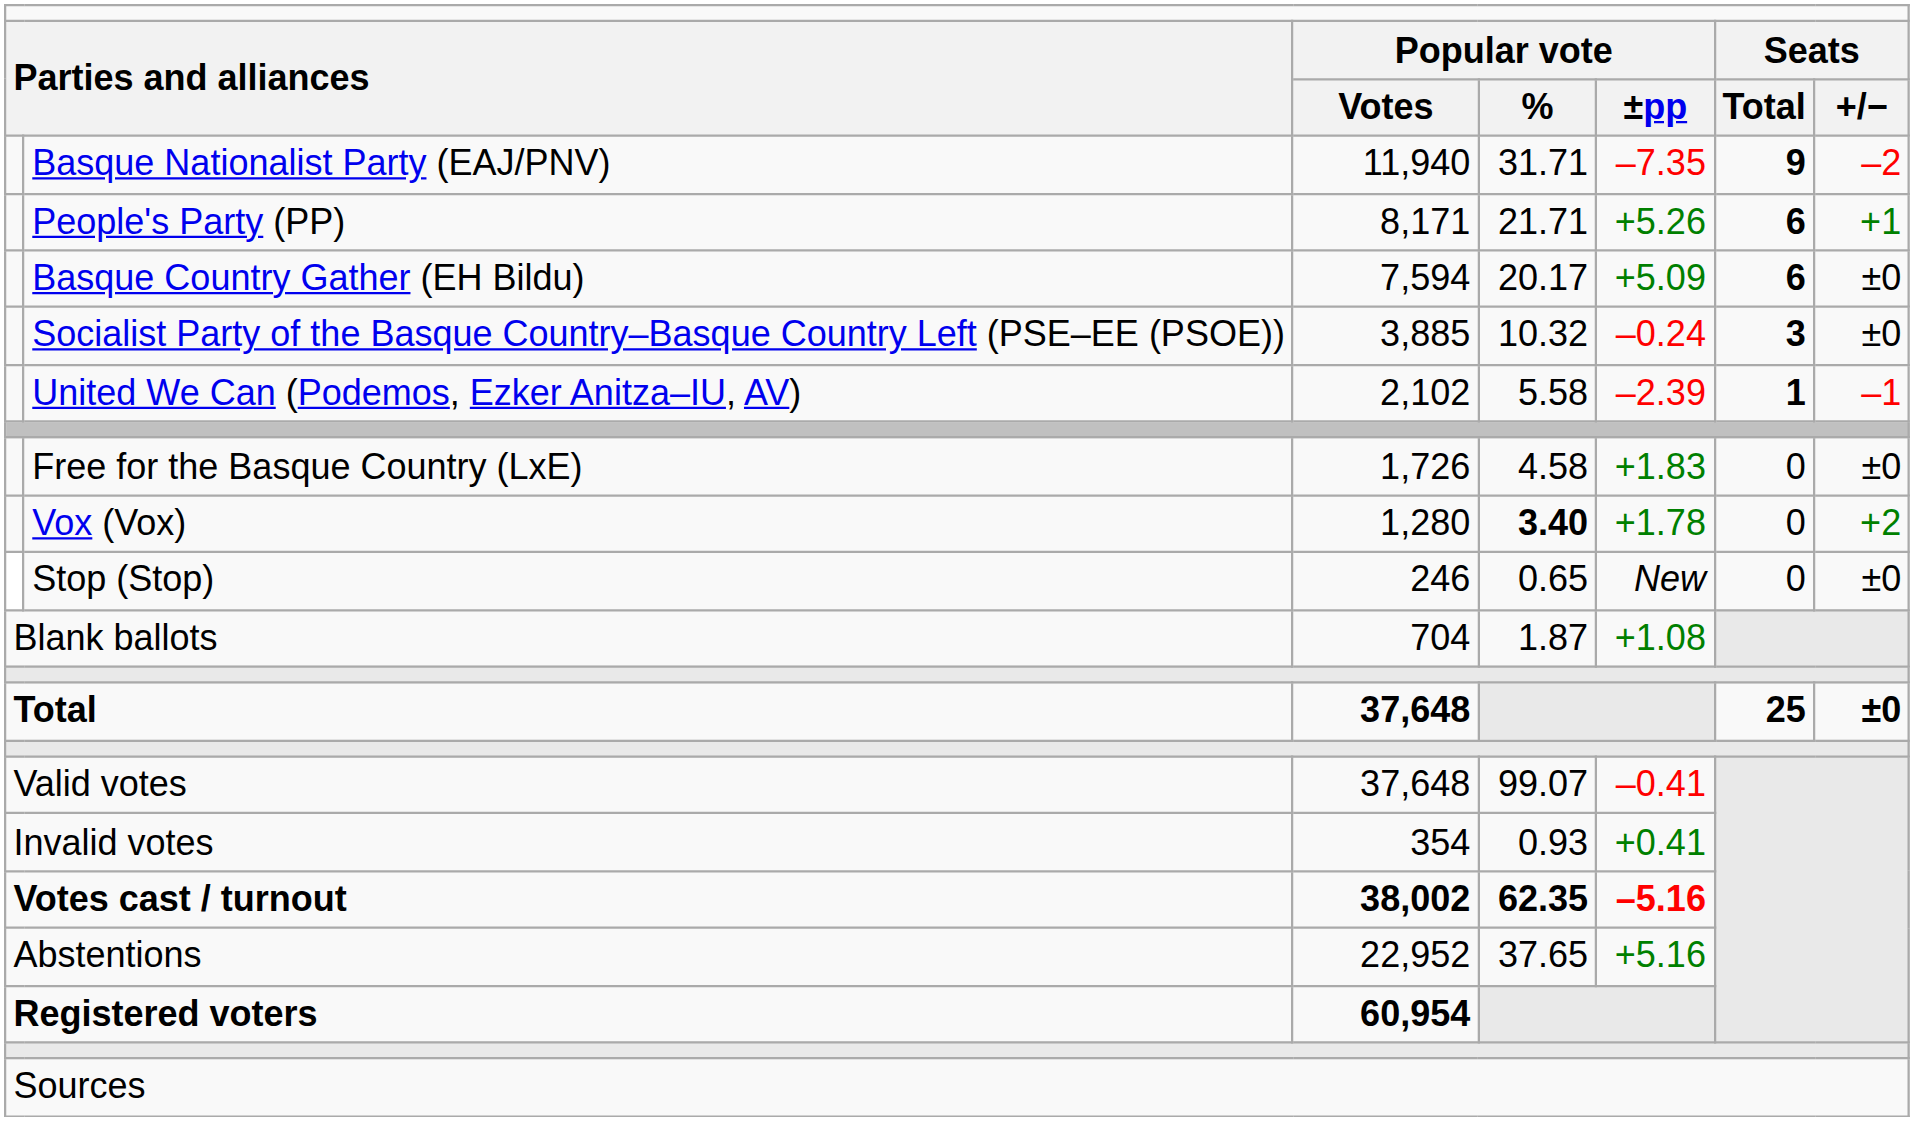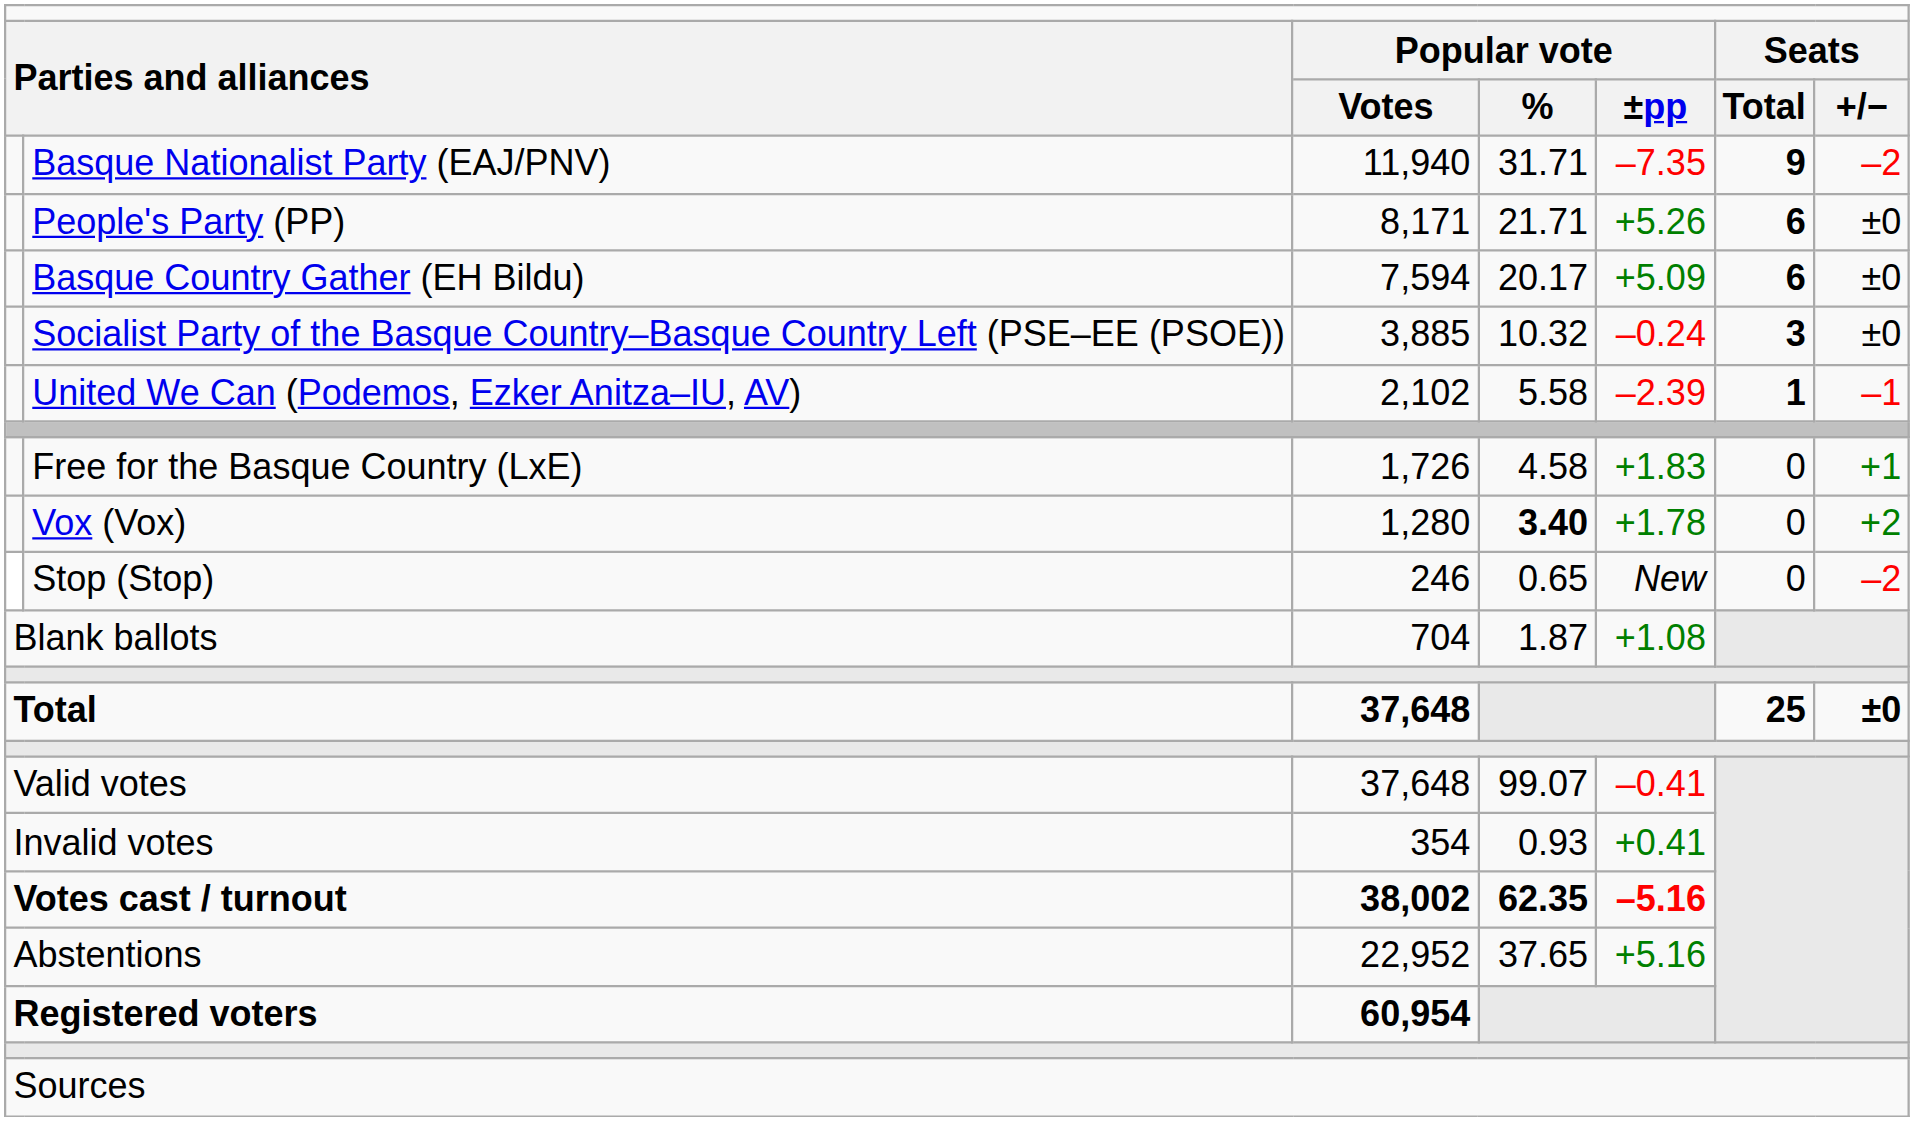 <table class="wikitable" style="text-align:right;">
 <tr>
 <td colspan="7"></td>
 </tr>
 <tr>
 <th style="text-align:left;" rowspan="2" colspan="2" width="525">Parties and alliances</th>
 <th colspan="3">Popular vote</th>
 <th colspan="2">Seats</th>
 </tr>
 <tr>
 <th width="75">Votes</th>
 <th width="45">%</th>
 <th width="45">±<a href='#'>pp</a></th>
 <th width="35">Total</th>
 <th width="35">+/−</th>
 </tr>
 <tr>
 <td width="1" style="color:inherit;background:"></td>
 <td align="left"><a href='#'>Basque Nationalist Party</a> (EAJ/PNV)</td>
 <td>11,940</td>
 <td>31.71</td>
 <td style="color:red;">–7.35</td>
 <td><strong>9</strong></td>
 <td style="color:red;">–2</td>
 </tr>
 <tr>
 <td style="color:inherit;background:"></td>
 <td align="left"><a href='#'>People's Party</a> (PP)</td>
 <td>8,171</td>
 <td>21.71</td>
 <td style="color:green;">+5.26</td>
 <td><strong>6</strong></td>
-<td style="color:green;">+1</td>
+<td>±0</td>
 </tr>
 <tr>
 <td style="color:inherit;background:"></td>
 <td align="left"><a href='#'>Basque Country Gather</a> (EH Bildu)</td>
 <td>7,594</td>
 <td>20.17</td>
 <td style="color:green;">+5.09</td>
 <td><strong>6</strong></td>
 <td>±0</td>
 </tr>
 <tr>
 <td style="color:inherit;background:"></td>
 <td align="left"><a href='#'>Socialist Party of the Basque Country–Basque Country Left</a> (PSE–EE (PSOE))</td>
 <td>3,885</td>
 <td>10.32</td>
 <td style="color:red;">–0.24</td>
 <td><strong>3</strong></td>
 <td>±0</td>
 </tr>
 <tr>
 <td style="color:inherit;background:"></td>
 <td align="left"><a href='#'>United We Can</a> (<a href='#'>Podemos</a>, <a href='#'>Ezker Anitza–IU</a>, <a href='#'>AV</a>)</td>
 <td>2,102</td>
 <td>5.58</td>
 <td style="color:red;">–2.39</td>
 <td><strong>1</strong></td>
 <td style="color:red;">–1</td>
 </tr>
 <tr>
 <td colspan="7" bgcolor="#C0C0C0"></td>
 </tr>
 <tr>
 <td style="color:inherit;background:"></td>
 <td align="left">Free for the Basque Country (LxE)</td>
 <td>1,726</td>
 <td>4.58</td>
 <td style="color:green;">+1.83</td>
 <td>0</td>
-<td>±0</td>
+<td style="color:green;">+1</td>
 </tr>
 <tr>
 <td style="color:inherit;background:"></td>
 <td align="left"><a href='#'>Vox</a> (Vox)</td>
 <td>1,280</td>
 <td><strong>3.40</strong></td>
 <td style="color:green;">+1.78</td>
 <td>0</td>
 <td style="color:green;">+2</td>
 </tr>
 <tr>
 <td bgcolor="white"></td>
 <td align="left">Stop (Stop)</td>
 <td>246</td>
 <td>0.65</td>
 <td><em>New</em></td>
 <td>0</td>
-<td>±0</td>
+<td style="color:red;">–2</td>
 </tr>
 <tr>
 <td align="left" colspan="2">Blank ballots</td>
 <td>704</td>
 <td>1.87</td>
 <td style="color:green;">+1.08</td>
 <td bgcolor="#E9E9E9" colspan="2"></td>
 </tr>
 <tr>
 <td colspan="7" bgcolor="#E9E9E9"></td>
 </tr>
 <tr style="font-weight:bold;">
 <td align="left" colspan="2">Total</td>
 <td>37,648</td>
 <td bgcolor="#E9E9E9" colspan="2"></td>
 <td>25</td>
 <td>±0</td>
 </tr>
 <tr>
 <td colspan="7" bgcolor="#E9E9E9"></td>
 </tr>
 <tr>
 <td align="left" colspan="2">Valid votes</td>
 <td>37,648</td>
 <td>99.07</td>
 <td style="color:red;">–0.41</td>
 <td bgcolor="#E9E9E9" colspan="2" rowspan="5"></td>
 </tr>
 <tr>
 <td align="left" colspan="2">Invalid votes</td>
 <td>354</td>
 <td>0.93</td>
 <td style="color:green;">+0.41</td>
 </tr>
 <tr style="font-weight:bold;">
 <td align="left" colspan="2">Votes cast / turnout</td>
 <td>38,002</td>
 <td>62.35</td>
 <td style="color:red;">–5.16</td>
 </tr>
 <tr>
 <td align="left" colspan="2">Abstentions</td>
 <td>22,952</td>
 <td>37.65</td>
 <td style="color:green;">+5.16</td>
 </tr>
 <tr style="font-weight:bold;">
 <td align="left" colspan="2">Registered voters</td>
 <td>60,954</td>
 <td bgcolor="#E9E9E9" colspan="2"></td>
 </tr>
 <tr>
 <td colspan="7" bgcolor="#E9E9E9"></td>
 </tr>
 <tr>
 <td align="left" colspan="7">Sources</td>
 </tr>
 </table>
